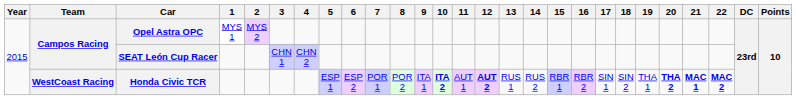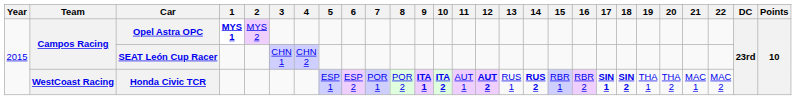 <table class="wikitable" style="text-align:center; font-size:85%">
 <tr>
 <th>Year</th>
 <th>Team</th>
 <th>Car</th>
 <th>1</th>
 <th>2</th>
 <th>3</th>
 <th>4</th>
 <th>5</th>
 <th>6</th>
 <th>7</th>
 <th>8</th>
 <th>9</th>
 <th>10</th>
 <th>11</th>
 <th>12</th>
 <th>13</th>
 <th>14</th>
 <th>15</th>
 <th>16</th>
 <th>17</th>
 <th>18</th>
 <th>19</th>
 <th>20</th>
 <th>21</th>
 <th>22</th>
 <th>DC</th>
 <th>Points</th>
 </tr>
 <tr>
 <td rowspan="3"><a href='#'>2015</a></td>
 <th rowspan="2"><a href='#'>Campos Racing</a></th>
 <th><a href='#'>Opel Astra OPC</a></th>
-<td style="background:#FFFFFF;"><a href='#'>MYS<br>1</a><br></td>
+<td style="background:#FFFFFF;"><strong><a href='#'>MYS<br>1</a><br></strong></td>
 <td style="background:#EFCFFF;"><a href='#'>MYS<br>2</a><br></td>
 <td></td>
 <td></td>
 <td></td>
 <td></td>
 <td></td>
 <td></td>
 <td></td>
 <td></td>
 <td></td>
 <td></td>
 <td></td>
 <td></td>
 <td></td>
 <td></td>
 <td></td>
 <td></td>
 <td></td>
 <td></td>
 <td></td>
 <td></td>
 <th rowspan="3">23rd</th>
 <th rowspan="3">10</th>
 </tr>
 <tr>
 <th><a href='#'>SEAT León Cup Racer</a></th>
 <td></td>
 <td></td>
 <td style="background:#CFCFFF;"><a href='#'>CHN<br>1</a><br></td>
 <td style="background:#CFCFFF;"><a href='#'>CHN<br>2</a><br></td>
 <td></td>
 <td></td>
 <td></td>
 <td></td>
 <td></td>
 <td></td>
 <td></td>
 <td></td>
 <td></td>
 <td></td>
 <td></td>
 <td></td>
 <td></td>
 <td></td>
 <td></td>
 <td></td>
 <td></td>
 <td></td>
 </tr>
 <tr>
 <th><a href='#'>WestCoast Racing</a></th>
 <th><a href='#'>Honda Civic TCR</a></th>
 <td></td>
 <td></td>
 <td></td>
 <td></td>
 <td style="background:#CFCFFF;"><a href='#'>ESP<br>1</a><br></td>
 <td style="background:#EFCFFF;"><a href='#'>ESP<br>2</a><br></td>
 <td style="background:#CFCFFF;"><a href='#'>POR<br>1</a><br></td>
 <td style="background:#DFFFDF;"><a href='#'>POR<br>2</a><br></td>
-<td style="background:#EFCFFF;"><a href='#'>ITA<br>1</a><br></td>
+<td style="background:#EFCFFF;"><strong><a href='#'>ITA<br>1</a><br></strong></td>
 <td style="background:#DFFFDF;"><strong><a href='#'>ITA<br>2</a><br></strong></td>
 <td style="background:#EFCFFF;"><a href='#'>AUT<br>1</a><br></td>
 <td style="background:#EFCFFF;"><strong><a href='#'>AUT<br>2</a></strong><br></td>
 <td style="background:#;"><a href='#'>RUS<br>1</a></td>
-<td style="background:#;"><a href='#'>RUS<br>2</a></td>
+<td style="background:#;"><strong><a href='#'>RUS<br>2</a></strong></td>
 <td style="background:#CFCFFF;"><a href='#'>RBR<br>1</a><br></td>
 <td style="background:#EFCFFF;"><a href='#'>RBR<br>2</a><br></td>
-<td style="background:#;"><a href='#'>SIN<br>1</a></td>
-<td style="background:#;"><a href='#'>SIN<br>2</a></td>
+<td style="background:#;"><strong><a href='#'>SIN<br>1</a></strong></td>
+<td style="background:#;"><strong><a href='#'>SIN<br>2</a></strong></td>
 <td style="background:#;"><a href='#'>THA<br>1</a></td>
-<td style="background:#;"><strong><a href='#'>THA<br>2</a></strong></td>
-<td style="background:#;"><strong><a href='#'>MAC<br>1</a></strong></td>
-<td style="background:#;"><strong><a href='#'>MAC<br>2</a></strong></td>
+<td style="background:#;"><a href='#'>THA<br>2</a></td>
+<td style="background:#;"><a href='#'>MAC<br>1</a></td>
+<td style="background:#;"><a href='#'>MAC<br>2</a></td>
 </tr>
 </table>
